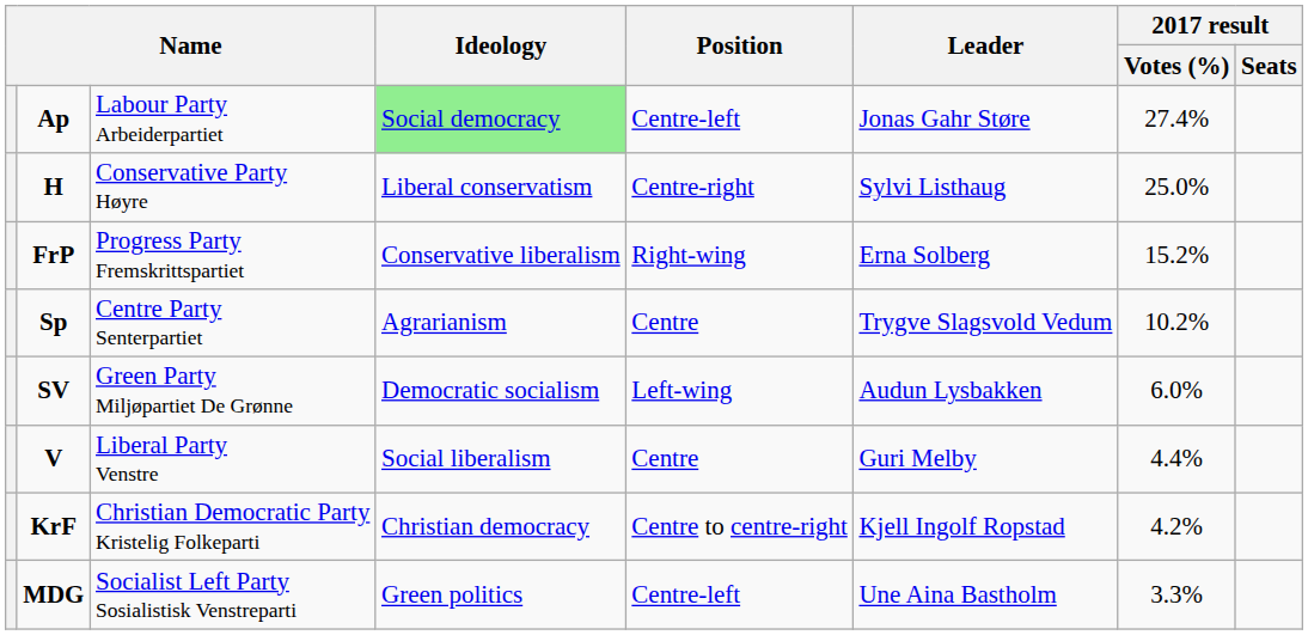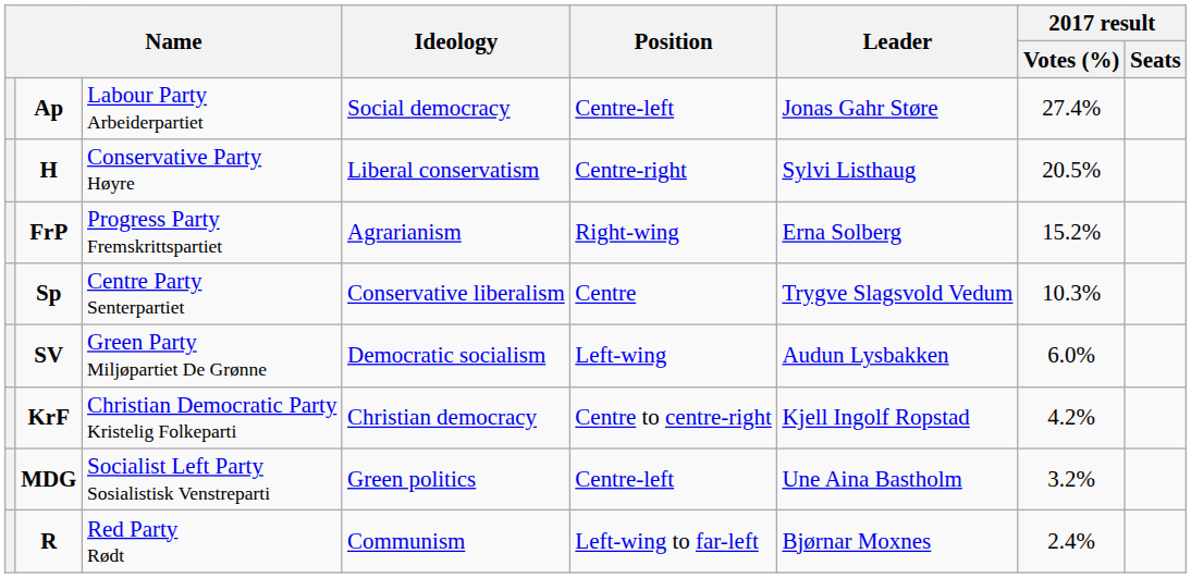 <table class="wikitable">
 <tr>
 <th rowspan=2 colspan=3 width=225px>Name</th>
 <th rowspan=2>Ideology</th>
 <th rowspan=2>Position</th>
 <th rowspan=2>Leader</th>
 <th colspan=2>2017 result</th>
 </tr>
 <tr>
 <th>Votes (%)</th>
 <th>Seats</th>
 </tr>
 <tr>
 <th style="background:"></th>
 <td align=center><strong>Ap</strong></td>
 <td><a href='#'>Labour Party</a><br><small>Arbeiderpartiet</small></td>
-<td style="background: lightgreen;"><a href='#'>Social democracy</a></td>
+<td><a href='#'>Social democracy</a></td>
 <td><a href='#'>Centre-left</a></td>
 <td><a href='#'>Jonas Gahr Støre</a></td>
 <td align=center>27.4%</td>
 <td></td>
 </tr>
 <tr>
 <th style="background:"></th>
 <td align=center><strong>H</strong></td>
 <td><a href='#'>Conservative Party</a><br><small>Høyre</small></td>
 <td><a href='#'>Liberal conservatism</a></td>
 <td><a href='#'>Centre-right</a></td>
 <td><a href='#'>Sylvi Listhaug</a></td>
-<td align=center>25.0%</td>
+<td align=center>20.5%</td>
 <td></td>
 </tr>
 <tr>
 <th style="background:"></th>
 <td align=center><strong>FrP</strong></td>
 <td><a href='#'>Progress Party</a><br><small>Fremskrittspartiet</small></td>
-<td><a href='#'>Conservative liberalism</a></td>
+<td><a href='#'>Agrarianism</a></td>
 <td><a href='#'>Right-wing</a></td>
 <td><a href='#'>Erna Solberg</a></td>
 <td align=center>15.2%</td>
 <td></td>
 </tr>
 <tr>
 <th style="background:"></th>
 <td align=center><strong>Sp</strong></td>
 <td><a href='#'>Centre Party</a><br><small>Senterpartiet</small></td>
-<td><a href='#'>Agrarianism</a></td>
+<td><a href='#'>Conservative liberalism</a></td>
 <td><a href='#'>Centre</a></td>
 <td><a href='#'>Trygve Slagsvold Vedum</a></td>
-<td align=center>10.2%</td>
+<td align=center>10.3%</td>
 <td></td>
 </tr>
 <tr>
 <th style="background:"></th>
 <td align=center><strong>SV</strong></td>
 <td><a href='#'>Green Party</a><br><small>Miljøpartiet De Grønne</small></td>
 <td><a href='#'>Democratic socialism</a></td>
 <td><a href='#'>Left-wing</a></td>
 <td><a href='#'>Audun Lysbakken</a></td>
 <td align=center>6.0%</td>
-<td></td>
-</tr>
-<tr>
-<th style="background:"></th>
-<td align=center><strong>V</strong></td>
-<td><a href='#'>Liberal Party</a><br><small>Venstre</small></td>
-<td><a href='#'>Social liberalism</a></td>
-<td><a href='#'>Centre</a></td>
-<td><a href='#'>Guri Melby</a></td>
-<td align=center>4.4%</td>
 <td></td>
 </tr>
 <tr>
 <th style="background:"></th>
 <td align=center><strong>KrF</strong></td>
 <td><a href='#'>Christian Democratic Party</a><br><small>Kristelig Folkeparti</small></td>
 <td><a href='#'>Christian democracy</a></td>
 <td><a href='#'>Centre</a> to <a href='#'>centre-right</a></td>
 <td><a href='#'>Kjell Ingolf Ropstad</a></td>
 <td align=center>4.2%</td>
 <td></td>
 </tr>
 <tr>
 <th style="background:"></th>
 <td align=center><strong>MDG</strong></td>
 <td><a href='#'>Socialist Left Party</a><br><small>Sosialistisk Venstreparti</small></td>
 <td><a href='#'>Green politics</a></td>
 <td><a href='#'>Centre-left</a></td>
 <td><a href='#'>Une Aina Bastholm</a></td>
-<td align=center>3.3%</td>
+<td align=center>3.2%</td>
+<td></td>
+</tr>
+<tr>
+<th style="background:"></th>
+<td align=center><strong>R</strong></td>
+<td><a href='#'>Red Party</a><br><small>Rødt</small></td>
+<td><a href='#'>Communism</a></td>
+<td><a href='#'>Left-wing</a> to <a href='#'>far-left</a></td>
+<td><a href='#'>Bjørnar Moxnes</a></td>
+<td align=center>2.4%</td>
 <td></td>
 </tr>
 </table>
